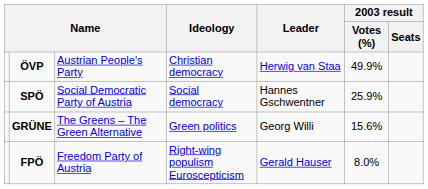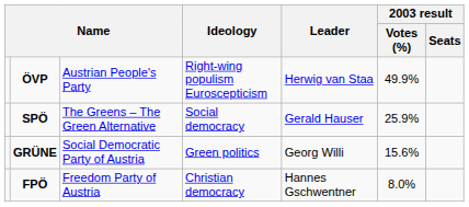 <table class="wikitable">
 <tr>
 <th rowspan="2" colspan="3">Name</th>
 <th rowspan="2">Ideology</th>
 <th rowspan="2">Leader</th>
 <th colspan="2">2003 result</th>
 </tr>
 <tr>
 <th>Votes (%)</th>
 <th>Seats</th>
 </tr>
 <tr>
 <td style="background:"></td>
 <td style="text-align:center;"><strong>ÖVP</strong></td>
 <td><a href='#'>Austrian People's Party</a><br></td>
-<td><a href='#'>Christian democracy</a></td>
+<td><a href='#'>Right-wing populism</a><br><a href='#'>Euroscepticism</a></td>
 <td><a href='#'>Herwig van Staa</a></td>
 <td style="text-align:center;">49.9%</td>
 <td></td>
 </tr>
 <tr>
 <td style="background:"></td>
 <td style="text-align:center;"><strong>SPÖ</strong></td>
-<td><a href='#'>Social Democratic Party of Austria</a><br></td>
+<td><a href='#'>The Greens – The Green Alternative</a><br></td>
 <td><a href='#'>Social democracy</a></td>
-<td>Hannes Gschwentner</td>
+<td><a href='#'>Gerald Hauser</a></td>
 <td style="text-align:center;">25.9%</td>
 <td></td>
 </tr>
 <tr>
 <td style="background:"></td>
 <td style="text-align:center;"><strong>GRÜNE</strong></td>
-<td><a href='#'>The Greens – The Green Alternative</a><br></td>
+<td><a href='#'>Social Democratic Party of Austria</a><br></td>
 <td><a href='#'>Green politics</a></td>
 <td>Georg Willi</td>
 <td style="text-align:center;">15.6%</td>
 <td></td>
 </tr>
 <tr>
 <td style="background:"></td>
 <td style="text-align:center;"><strong>FPÖ</strong></td>
 <td><a href='#'>Freedom Party of Austria</a><br></td>
-<td><a href='#'>Right-wing populism</a><br><a href='#'>Euroscepticism</a></td>
-<td><a href='#'>Gerald Hauser</a></td>
+<td><a href='#'>Christian democracy</a></td>
+<td>Hannes Gschwentner</td>
 <td style="text-align:center;">8.0%</td>
 <td></td>
 </tr>
 </table>
